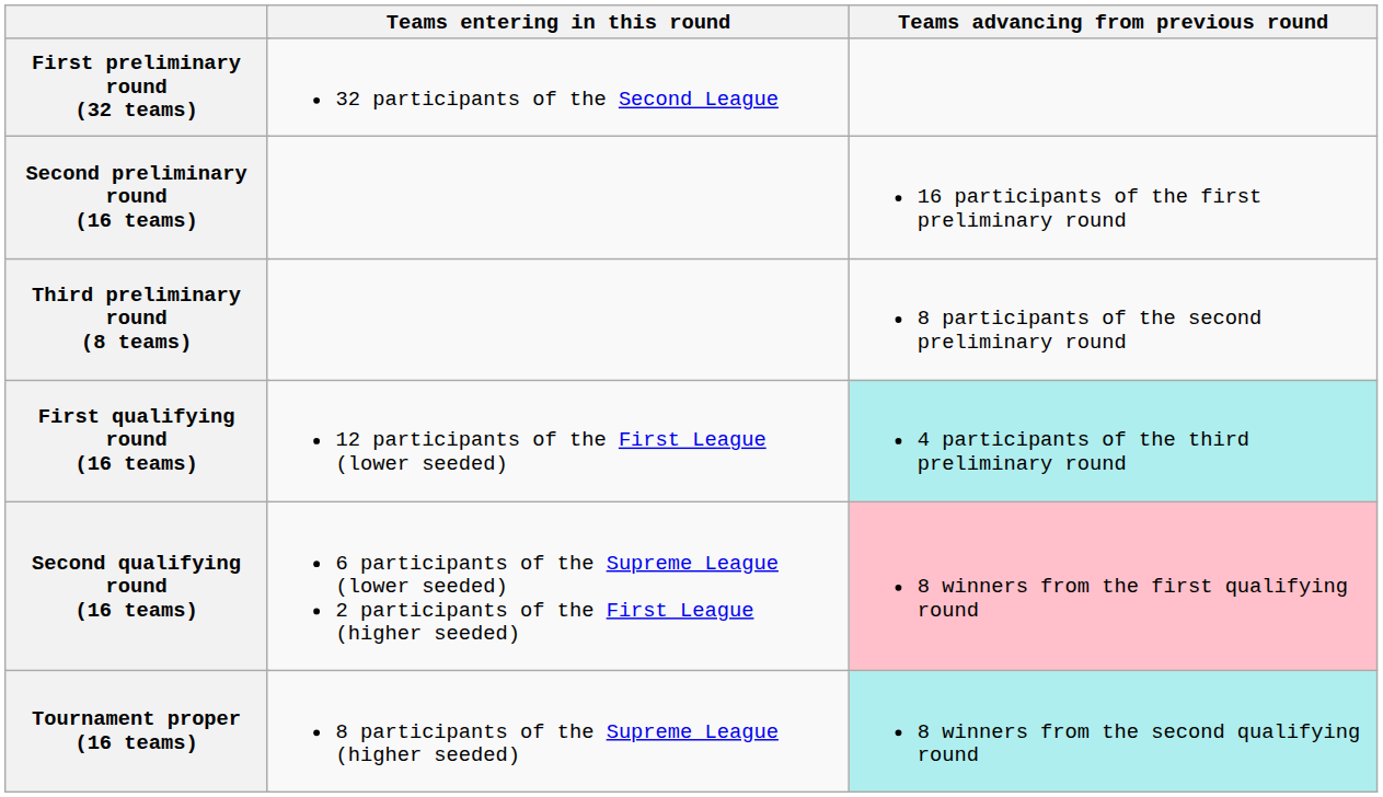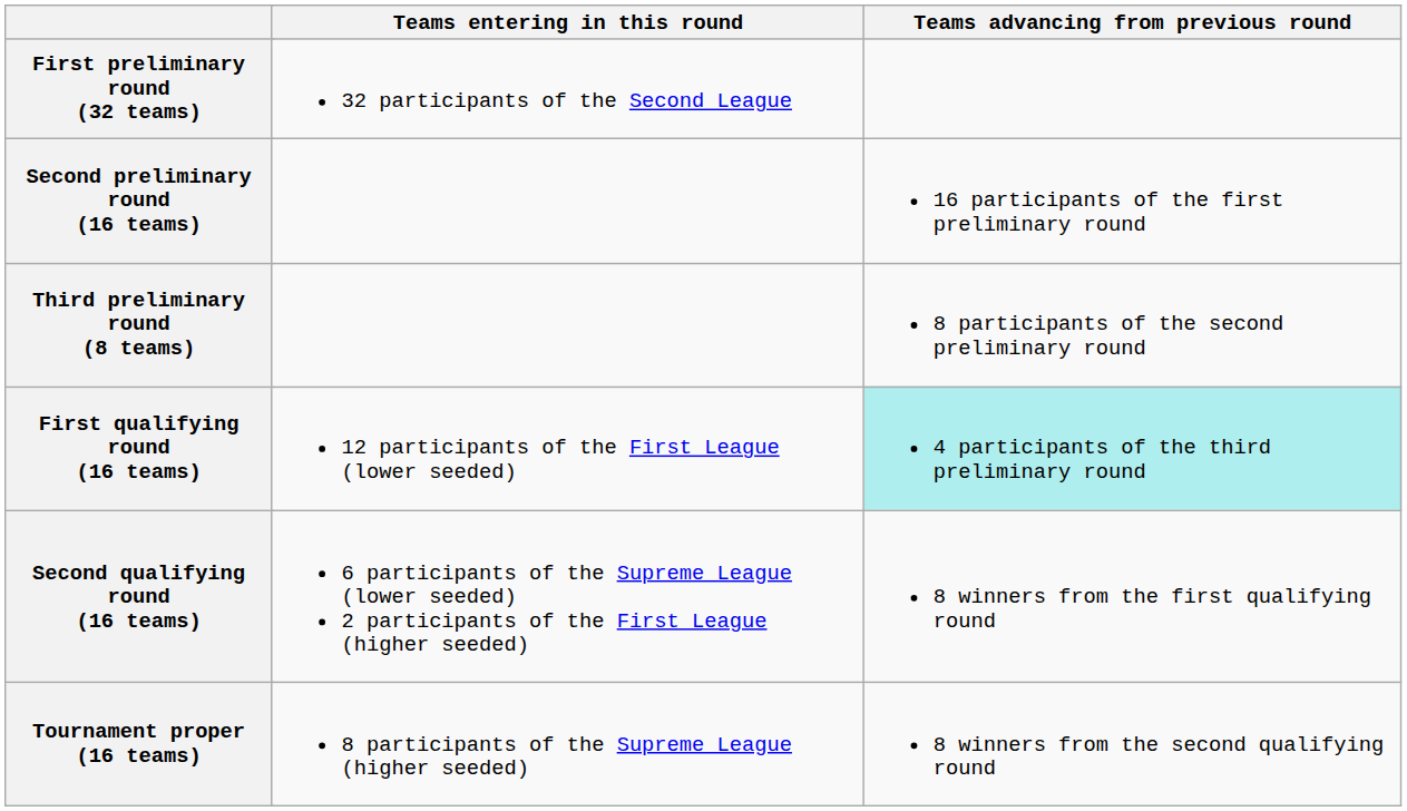 <table class="wikitable">
 <tr>
 <th colspan=2></th>
 <th>Teams entering in this round</th>
 <th>Teams advancing from previous round</th>
 </tr>
 <tr>
 <th colspan=2>First preliminary round<br> (32 teams)</th>
 <td><br><ul><li>32 participants of the <a href='#'>Second League</a></li></ul></td>
 <td></td>
 </tr>
 <tr>
 <th colspan=2>Second preliminary round<br> (16 teams)</th>
 <td></td>
 <td><br><ul><li>16 participants of the first preliminary round</li></ul></td>
 </tr>
 <tr>
 <th colspan=2>Third preliminary round<br> (8 teams)</th>
 <td></td>
 <td><br><ul><li>8 participants of the second preliminary round</li></ul></td>
 </tr>
 <tr>
 <th colspan=2>First qualifying round<br> (16 teams)</th>
 <td><br><ul><li>12 participants of the <a href='#'>First League</a> (lower seeded)</li></ul></td>
 <td style="background: paleturquoise;"><br><ul><li>4 participants of the third preliminary round</li></ul></td>
 </tr>
 <tr>
 <th colspan=2>Second qualifying round<br> (16 teams)</th>
 <td><br><ul><li>6 participants of the <a href='#'>Supreme League</a> (lower seeded)</li><li>2 participants of the <a href='#'>First League</a> (higher seeded)</li></ul></td>
-<td style="background: pink;"><br><ul><li>8 winners from the first qualifying round</li></ul></td>
+<td><br><ul><li>8 winners from the first qualifying round</li></ul></td>
 </tr>
 <tr>
 <th colspan=2>Tournament proper<br> (16 teams)</th>
 <td><br><ul><li>8 participants of the <a href='#'>Supreme League</a> (higher seeded)</li></ul></td>
-<td style="background: paleturquoise;"><br><ul><li>8 winners from the second qualifying round</li></ul></td>
+<td><br><ul><li>8 winners from the second qualifying round</li></ul></td>
 </tr>
 </table>
